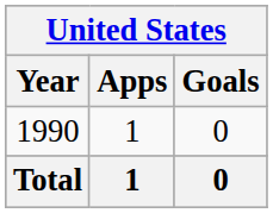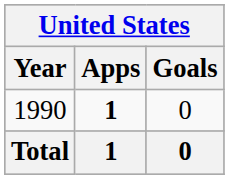 <table class="wikitable" style="text-align:center">
 <tr>
 <th colspan=3><a href='#'>United States</a></th>
 </tr>
 <tr>
 <th>Year</th>
 <th>Apps</th>
 <th>Goals</th>
 </tr>
 <tr>
 <td>1990</td>
-<td>1</td>
+<td><strong>1</strong></td>
 <td>0</td>
 </tr>
 <tr>
 <th>Total</th>
 <th>1</th>
 <th>0</th>
 </tr>
 </table>
